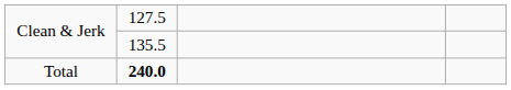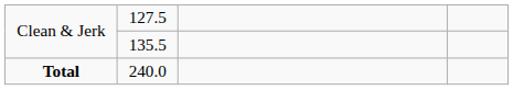 <table class = "wikitable" style="text-align:center;">
 <tr>
 <td rowspan=2 width=100>Clean & Jerk</td>
 <td width=50>127.5</td>
 <td width=250 align=left></td>
 <td width=50></td>
 </tr>
 <tr>
 <td>135.5</td>
 <td align=left></td>
 <td></td>
 </tr>
 <tr>
-<td>Total</td>
-<td><strong>240.0</strong></td>
+<td><strong>Total</strong></td>
+<td>240.0</td>
 <td align=left></td>
 <td></td>
 </tr>
 </table>
